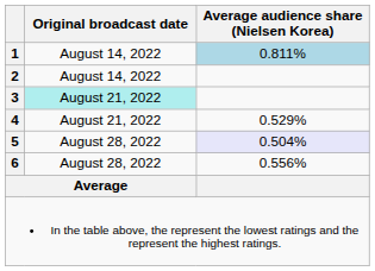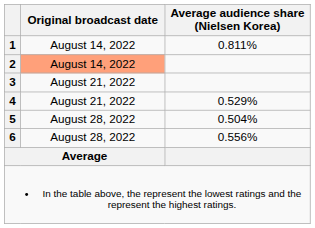 <table class="wikitable" style="width:420px; text-align:center">
 <tr>
 <th scope="col"></th>
 <th scope="col">Original broadcast date</th>
 <th scope="col" style="width:12em">Average audience share<br>(Nielsen Korea)</th>
 </tr>
 <tr>
 <th scope="col">1</th>
 <td>August 14, 2022</td>
-<td style="background: lightblue;">0.811%</td>
+<td>0.811%</td>
 </tr>
 <tr>
 <th scope="col">2</th>
-<td>August 14, 2022</td>
+<td style="background: lightsalmon;">August 14, 2022</td>
 <td></td>
 </tr>
 <tr>
 <th scope="col">3</th>
-<td style="background: paleturquoise;">August 21, 2022</td>
+<td>August 21, 2022</td>
 <td></td>
 </tr>
 <tr>
 <th scope="col">4</th>
 <td>August 21, 2022</td>
 <td>0.529%</td>
 </tr>
 <tr>
 <th scope="col">5</th>
 <td>August 28, 2022</td>
-<td style="background: lavender;">0.504%</td>
+<td>0.504%</td>
 </tr>
 <tr>
 <th scope="col">6</th>
 <td>August 28, 2022</td>
 <td>0.556%</td>
 </tr>
 <tr>
 <th scope="col" colspan="2">Average</th>
 <th scope="col"></th>
 </tr>
 <tr>
 <td colspan="3" style="font-size:85%"><br><ul><li>In the table above, the <strong></strong> represent the lowest ratings and the <strong></strong> represent the highest ratings.</li></ul></td>
 </tr>
 </table>
